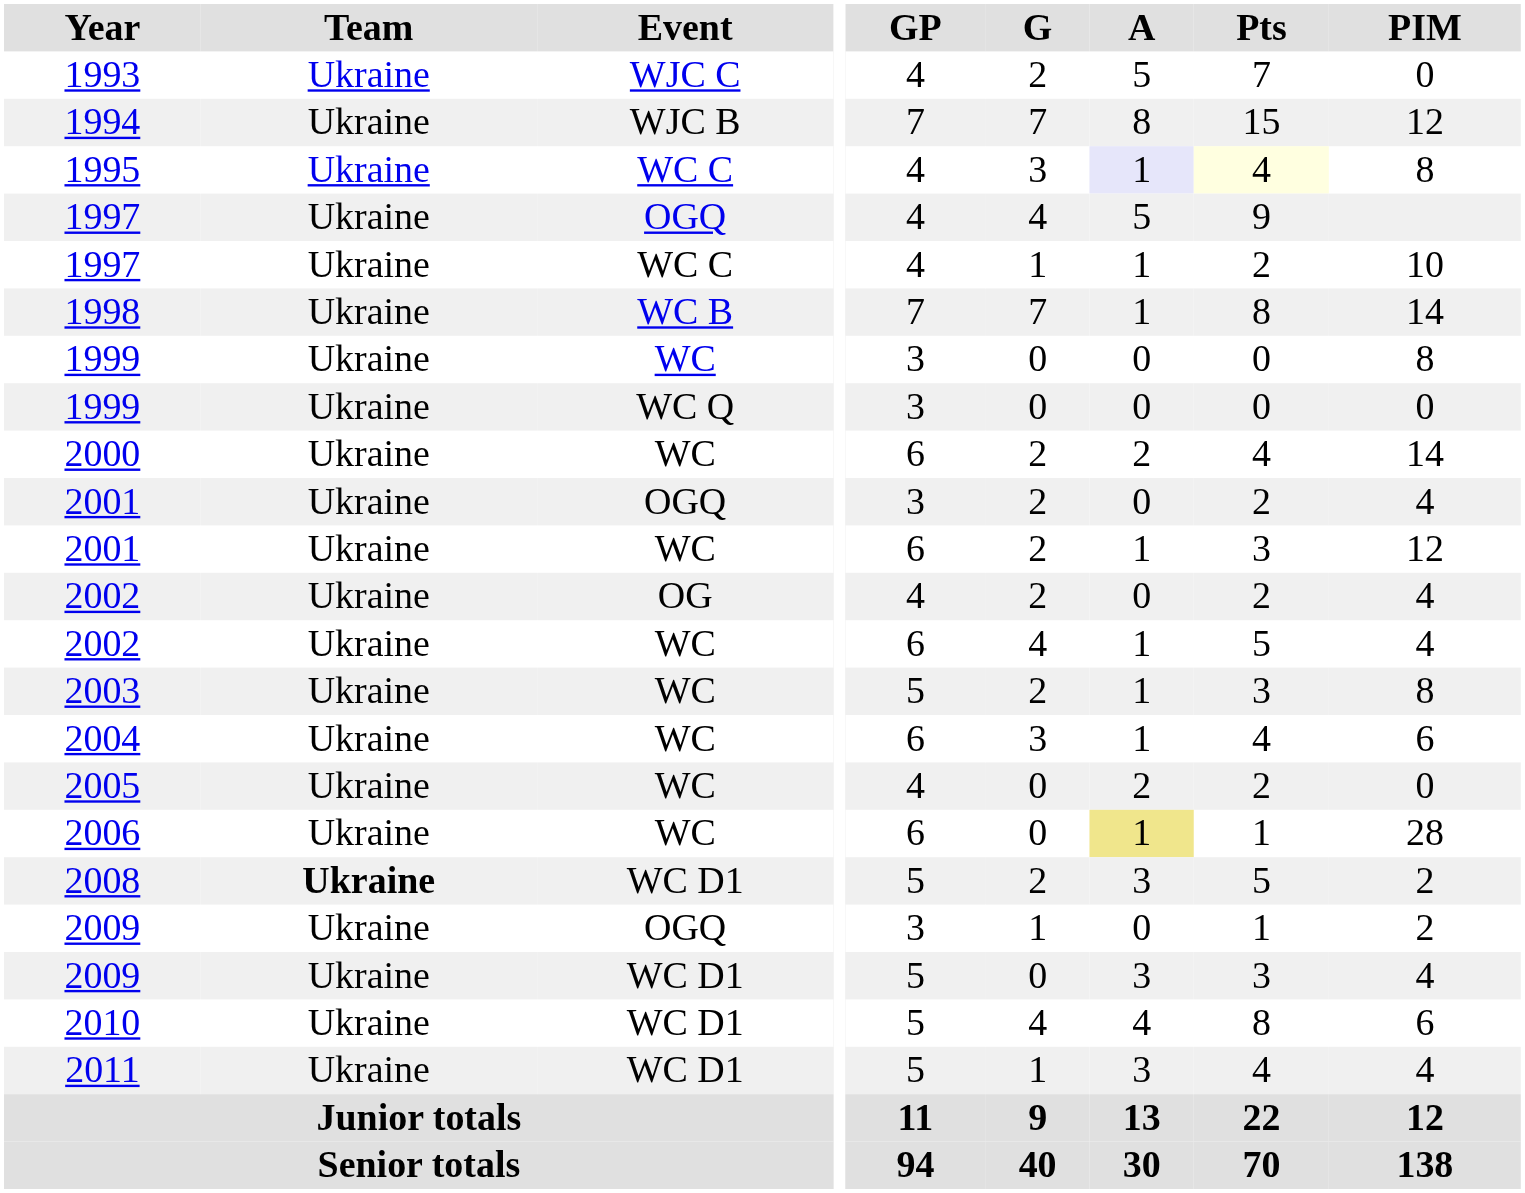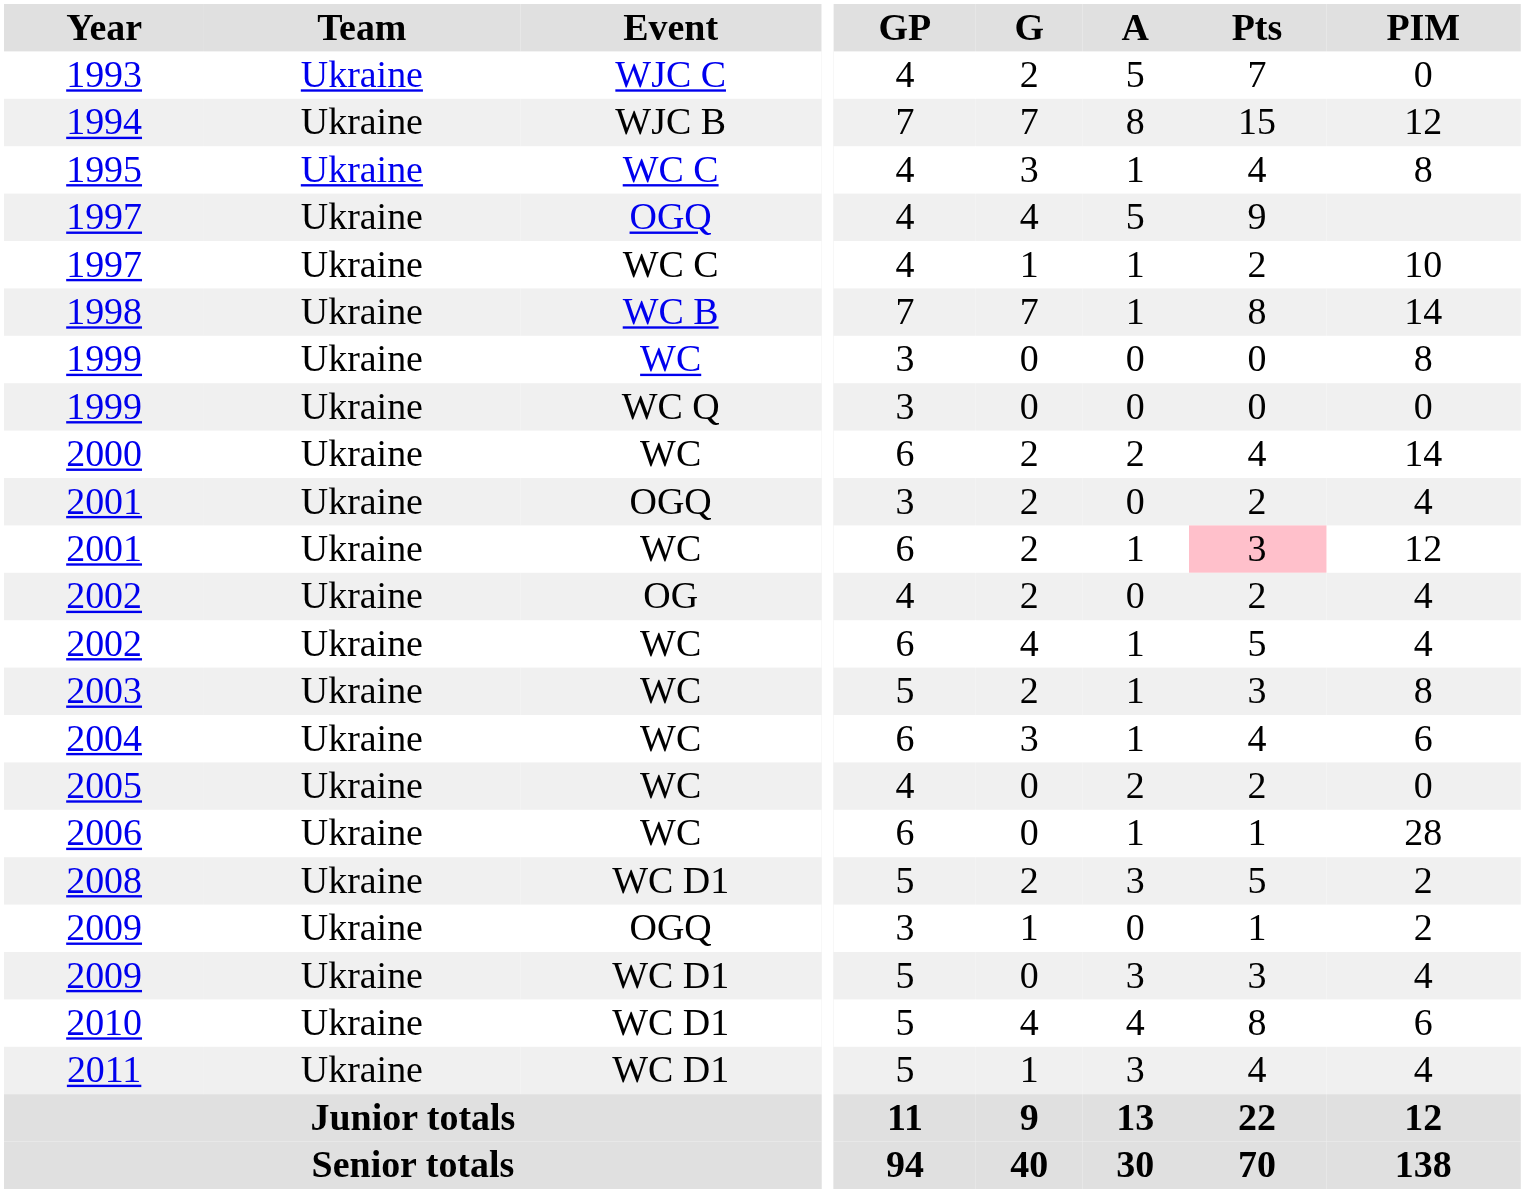 <table border="0" cellpadding="1" cellspacing="0" ID="Table3" style="text-align:center; width:40em">
 <tr bgcolor="#e0e0e0">
 <th>Year</th>
 <th>Team</th>
 <th>Event</th>
 <th rowspan="102" bgcolor="#ffffff"></th>
 <th>GP</th>
 <th>G</th>
 <th>A</th>
 <th>Pts</th>
 <th>PIM</th>
 </tr>
 <tr>
 <td><a href='#'>1993</a></td>
 <td><a href='#'>Ukraine</a></td>
 <td><a href='#'>WJC C</a></td>
 <td>4</td>
 <td>2</td>
 <td>5</td>
 <td>7</td>
 <td>0</td>
 </tr>
 <tr bgcolor="#f0f0f0">
 <td><a href='#'>1994</a></td>
 <td>Ukraine</td>
 <td>WJC B</td>
 <td>7</td>
 <td>7</td>
 <td>8</td>
 <td>15</td>
 <td>12</td>
 </tr>
 <tr>
 <td><a href='#'>1995</a></td>
 <td><a href='#'>Ukraine</a></td>
 <td><a href='#'>WC C</a></td>
 <td>4</td>
 <td>3</td>
-<td style="background: lavender;">1</td>
-<td style="background: lightyellow;">4</td>
+<td>1</td>
+<td>4</td>
 <td>8</td>
 </tr>
 <tr bgcolor="#f0f0f0">
 <td><a href='#'>1997</a></td>
 <td>Ukraine</td>
 <td><a href='#'>OGQ</a></td>
 <td>4</td>
 <td>4</td>
 <td>5</td>
 <td>9</td>
 <td></td>
 </tr>
 <tr>
 <td><a href='#'>1997</a></td>
 <td>Ukraine</td>
 <td>WC C</td>
 <td>4</td>
 <td>1</td>
 <td>1</td>
 <td>2</td>
 <td>10</td>
 </tr>
 <tr bgcolor="#f0f0f0">
 <td><a href='#'>1998</a></td>
 <td>Ukraine</td>
 <td><a href='#'>WC B</a></td>
 <td>7</td>
 <td>7</td>
 <td>1</td>
 <td>8</td>
 <td>14</td>
 </tr>
 <tr>
 <td><a href='#'>1999</a></td>
 <td>Ukraine</td>
 <td><a href='#'>WC</a></td>
 <td>3</td>
 <td>0</td>
 <td>0</td>
 <td>0</td>
 <td>8</td>
 </tr>
 <tr bgcolor="#f0f0f0">
 <td><a href='#'>1999</a></td>
 <td>Ukraine</td>
 <td>WC Q</td>
 <td>3</td>
 <td>0</td>
 <td>0</td>
 <td>0</td>
 <td>0</td>
 </tr>
 <tr>
 <td><a href='#'>2000</a></td>
 <td>Ukraine</td>
 <td>WC</td>
 <td>6</td>
 <td>2</td>
 <td>2</td>
 <td>4</td>
 <td>14</td>
 </tr>
 <tr bgcolor="#f0f0f0">
 <td><a href='#'>2001</a></td>
 <td>Ukraine</td>
 <td>OGQ</td>
 <td>3</td>
 <td>2</td>
 <td>0</td>
 <td>2</td>
 <td>4</td>
 </tr>
 <tr>
 <td><a href='#'>2001</a></td>
 <td>Ukraine</td>
 <td>WC</td>
 <td>6</td>
 <td>2</td>
 <td>1</td>
-<td>3</td>
+<td style="background: pink;">3</td>
 <td>12</td>
 </tr>
 <tr bgcolor="#f0f0f0">
 <td><a href='#'>2002</a></td>
 <td>Ukraine</td>
 <td>OG</td>
 <td>4</td>
 <td>2</td>
 <td>0</td>
 <td>2</td>
 <td>4</td>
 </tr>
 <tr>
 <td><a href='#'>2002</a></td>
 <td>Ukraine</td>
 <td>WC</td>
 <td>6</td>
 <td>4</td>
 <td>1</td>
 <td>5</td>
 <td>4</td>
 </tr>
 <tr bgcolor="#f0f0f0">
 <td><a href='#'>2003</a></td>
 <td>Ukraine</td>
 <td>WC</td>
 <td>5</td>
 <td>2</td>
 <td>1</td>
 <td>3</td>
 <td>8</td>
 </tr>
 <tr>
 <td><a href='#'>2004</a></td>
 <td>Ukraine</td>
 <td>WC</td>
 <td>6</td>
 <td>3</td>
 <td>1</td>
 <td>4</td>
 <td>6</td>
 </tr>
 <tr bgcolor="#f0f0f0">
 <td><a href='#'>2005</a></td>
 <td>Ukraine</td>
 <td>WC</td>
 <td>4</td>
 <td>0</td>
 <td>2</td>
 <td>2</td>
 <td>0</td>
 </tr>
 <tr>
 <td><a href='#'>2006</a></td>
 <td>Ukraine</td>
 <td>WC</td>
 <td>6</td>
 <td>0</td>
-<td style="background: khaki;">1</td>
+<td>1</td>
 <td>1</td>
 <td>28</td>
 </tr>
 <tr bgcolor="#f0f0f0">
 <td><a href='#'>2008</a></td>
-<td><strong>Ukraine</strong></td>
+<td>Ukraine</td>
 <td>WC D1</td>
 <td>5</td>
 <td>2</td>
 <td>3</td>
 <td>5</td>
 <td>2</td>
 </tr>
 <tr>
 <td><a href='#'>2009</a></td>
 <td>Ukraine</td>
 <td>OGQ</td>
 <td>3</td>
 <td>1</td>
 <td>0</td>
 <td>1</td>
 <td>2</td>
 </tr>
 <tr bgcolor="#f0f0f0">
 <td><a href='#'>2009</a></td>
 <td>Ukraine</td>
 <td>WC D1</td>
 <td>5</td>
 <td>0</td>
 <td>3</td>
 <td>3</td>
 <td>4</td>
 </tr>
 <tr>
 <td><a href='#'>2010</a></td>
 <td>Ukraine</td>
 <td>WC D1</td>
 <td>5</td>
 <td>4</td>
 <td>4</td>
 <td>8</td>
 <td>6</td>
 </tr>
 <tr bgcolor="#f0f0f0">
 <td><a href='#'>2011</a></td>
 <td>Ukraine</td>
 <td>WC D1</td>
 <td>5</td>
 <td>1</td>
 <td>3</td>
 <td>4</td>
 <td>4</td>
 </tr>
 <tr bgcolor="#e0e0e0">
 <th colspan="3">Junior totals</th>
 <th>11</th>
 <th>9</th>
 <th>13</th>
 <th>22</th>
 <th>12</th>
 </tr>
 <tr bgcolor="#e0e0e0">
 <th colspan="3">Senior totals</th>
 <th>94</th>
 <th>40</th>
 <th>30</th>
 <th>70</th>
 <th>138</th>
 </tr>
 </table>
